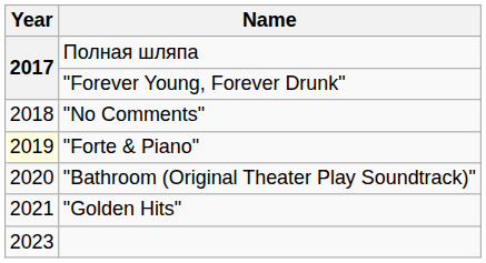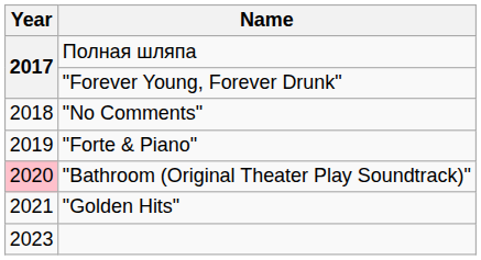 <table class="wikitable">
 <tr>
 <th>Year</th>
 <th>Name</th>
 </tr>
 <tr>
 <th rowspan="2">2017</th>
 <td>Полная шляпа</td>
 </tr>
 <tr>
 <td>"Forever Young, Forever Drunk"</td>
 </tr>
 <tr>
 <td>2018</td>
 <td>"No Comments"<br></td>
 </tr>
 <tr>
-<td style="background: lightyellow;">2019</td>
+<td>2019</td>
 <td>"Forte & Piano"</td>
 </tr>
 <tr>
-<td>2020</td>
+<td style="background: pink;">2020</td>
 <td>"Bathroom (Original Theater Play Soundtrack)"</td>
 </tr>
 <tr>
 <td>2021</td>
 <td>"Golden Hits"</td>
 </tr>
 <tr>
 <td>2023</td>
 <td></td>
 </tr>
 </table>
